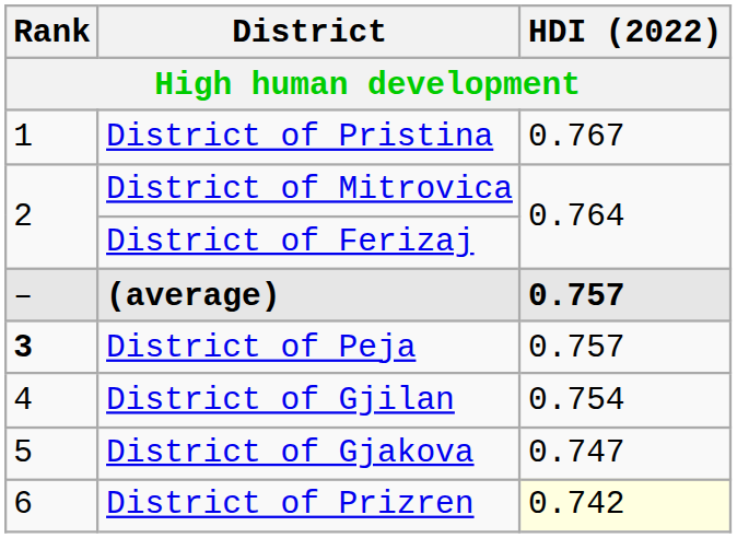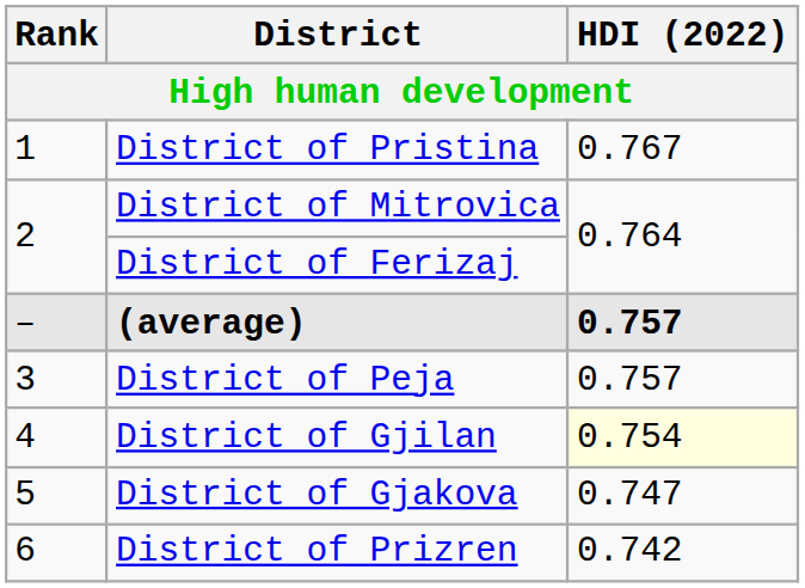 <table class="wikitable sortable">
 <tr>
 <th>Rank</th>
 <th>District</th>
 <th>HDI (2022)</th>
 </tr>
 <tr>
 <th colspan="3" style="color:#0c0;">High human development</th>
 </tr>
 <tr>
 <td>1</td>
 <td><a href='#'>District of Pristina</a></td>
 <td>0.767</td>
 </tr>
 <tr>
 <td rowspan="2">2</td>
 <td><a href='#'>District of Mitrovica</a></td>
 <td rowspan="2">0.764</td>
 </tr>
 <tr>
 <td><a href='#'>District of Ferizaj</a></td>
 </tr>
 <tr style="background:#e6e6e6">
 <td>–</td>
 <td> <strong>(average)</strong></td>
 <td><strong>0.757</strong></td>
 </tr>
 <tr>
-<td><strong>3</strong></td>
+<td>3</td>
 <td><a href='#'>District of Peja</a></td>
 <td>0.757</td>
 </tr>
 <tr>
 <td>4</td>
 <td><a href='#'>District of Gjilan</a></td>
-<td>0.754</td>
+<td style="background: lightyellow;">0.754</td>
 </tr>
 <tr>
 <td>5</td>
 <td><a href='#'>District of Gjakova</a></td>
 <td>0.747</td>
 </tr>
 <tr>
 <td>6</td>
 <td><a href='#'>District of Prizren</a></td>
-<td style="background: lightyellow;">0.742</td>
+<td>0.742</td>
 </tr>
 </table>
